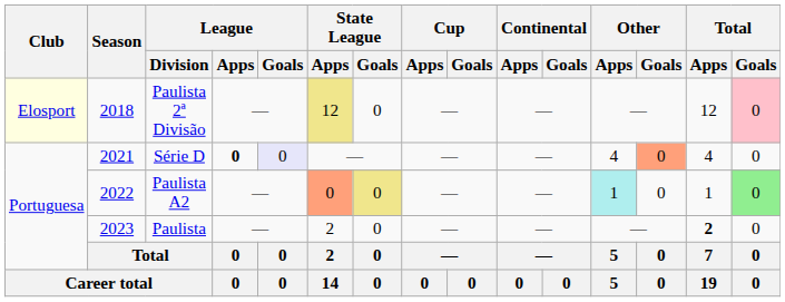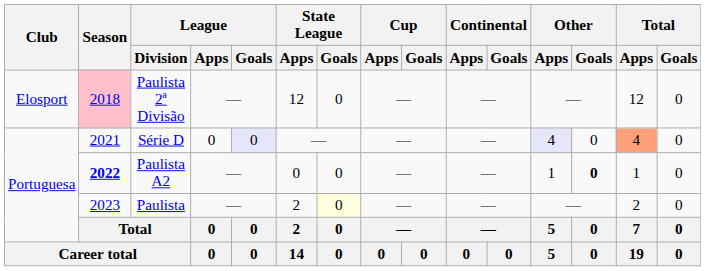 <table class="wikitable" style="text-align: center;">
 <tr>
 <th rowspan="2">Club</th>
 <th rowspan="2">Season</th>
 <th colspan="3">League</th>
 <th colspan="2">State League</th>
 <th colspan="2">Cup</th>
 <th colspan="2">Continental</th>
 <th colspan="2">Other</th>
 <th colspan="2">Total</th>
 </tr>
 <tr>
 <th>Division</th>
 <th>Apps</th>
 <th>Goals</th>
 <th>Apps</th>
 <th>Goals</th>
 <th>Apps</th>
 <th>Goals</th>
 <th>Apps</th>
 <th>Goals</th>
 <th>Apps</th>
 <th>Goals</th>
 <th>Apps</th>
 <th>Goals</th>
 </tr>
 <tr>
-<td valign="center" style="background: lightyellow;"><a href='#'>Elosport</a></td>
-<td><a href='#'>2018</a></td>
+<td valign="center"><a href='#'>Elosport</a></td>
+<td style="background: pink;"><a href='#'>2018</a></td>
 <td><a href='#'>Paulista 2ª Divisão</a></td>
 <td colspan="2">—</td>
-<td style="background: khaki;">12</td>
+<td>12</td>
 <td>0</td>
 <td colspan="2">—</td>
 <td colspan="2">—</td>
 <td colspan="2">—</td>
 <td>12</td>
-<td style="background: pink;">0</td>
+<td>0</td>
 </tr>
 <tr>
 <td rowspan="4" valign="center"><a href='#'>Portuguesa</a></td>
 <td><a href='#'>2021</a></td>
 <td><a href='#'>Série D</a></td>
-<td><strong>0</strong></td>
+<td>0</td>
 <td style="background: lavender;">0</td>
 <td colspan="2">—</td>
 <td colspan="2">—</td>
 <td colspan="2">—</td>
-<td>4</td>
-<td style="background: lightsalmon;">0</td>
-<td>4</td>
+<td style="background: lavender;">4</td>
+<td>0</td>
+<td style="background: lightsalmon;">4</td>
 <td>0</td>
 </tr>
 <tr>
-<td><a href='#'>2022</a></td>
+<td><strong><a href='#'>2022</a></strong></td>
 <td><a href='#'>Paulista A2</a></td>
 <td colspan="2">—</td>
-<td style="background: lightsalmon;">0</td>
-<td style="background: khaki;">0</td>
+<td>0</td>
+<td>0</td>
 <td colspan="2">—</td>
 <td colspan="2">—</td>
-<td style="background: paleturquoise;">1</td>
+<td>1</td>
+<td><strong>0</strong></td>
+<td>1</td>
 <td>0</td>
-<td>1</td>
-<td style="background: lightgreen;">0</td>
 </tr>
 <tr>
 <td><a href='#'>2023</a></td>
 <td><a href='#'>Paulista</a></td>
 <td colspan="2">—</td>
 <td>2</td>
-<td>0</td>
+<td style="background: lightyellow;">0</td>
 <td colspan="2">—</td>
 <td colspan="2">—</td>
 <td colspan="2">—</td>
-<td><strong>2</strong></td>
+<td>2</td>
 <td>0</td>
 </tr>
 <tr>
 <th colspan="2">Total</th>
 <th>0</th>
 <th>0</th>
 <th>2</th>
 <th>0</th>
 <th colspan="2">—</th>
 <th colspan="2">—</th>
 <th>5</th>
 <th>0</th>
 <th>7</th>
 <th>0</th>
 </tr>
 <tr>
 <th colspan="3"><strong>Career total</strong></th>
 <th>0</th>
 <th>0</th>
 <th>14</th>
 <th>0</th>
 <th>0</th>
 <th>0</th>
 <th>0</th>
 <th>0</th>
 <th>5</th>
 <th>0</th>
 <th>19</th>
 <th>0</th>
 </tr>
 </table>
